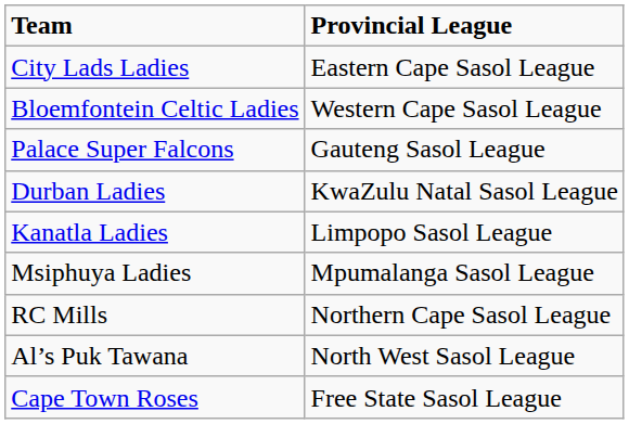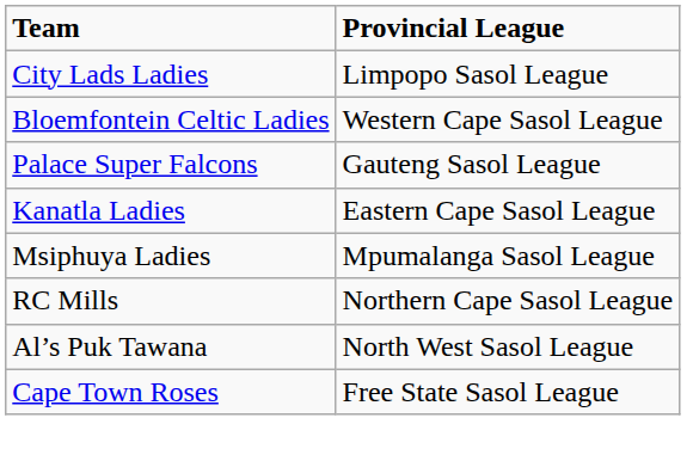 <table class="wikitable sortable" style="text_align: left;">
 <tr>
 <td><strong>Team</strong></td>
 <td><strong>Provincial League</strong></td>
 </tr>
 <tr>
 <td><a href='#'>City Lads Ladies</a></td>
-<td>Eastern Cape Sasol League</td>
+<td>Limpopo Sasol League</td>
 </tr>
 <tr>
 <td><a href='#'>Bloemfontein Celtic Ladies</a></td>
 <td>Western Cape Sasol League</td>
 </tr>
 <tr>
 <td><a href='#'>Palace Super Falcons</a></td>
 <td>Gauteng Sasol League</td>
 </tr>
 <tr>
-<td><a href='#'>Durban Ladies</a></td>
-<td>KwaZulu Natal Sasol League</td>
-</tr>
-<tr>
 <td><a href='#'>Kanatla Ladies</a></td>
-<td>Limpopo Sasol League</td>
+<td>Eastern Cape Sasol League</td>
 </tr>
 <tr>
 <td>Msiphuya Ladies</td>
 <td>Mpumalanga Sasol League</td>
 </tr>
 <tr>
 <td>RC Mills</td>
 <td>Northern Cape Sasol League</td>
 </tr>
 <tr>
 <td>Al’s Puk Tawana</td>
 <td>North West Sasol League</td>
 </tr>
 <tr>
 <td><a href='#'>Cape Town Roses</a></td>
 <td>Free State Sasol League</td>
 </tr>
 </table>
